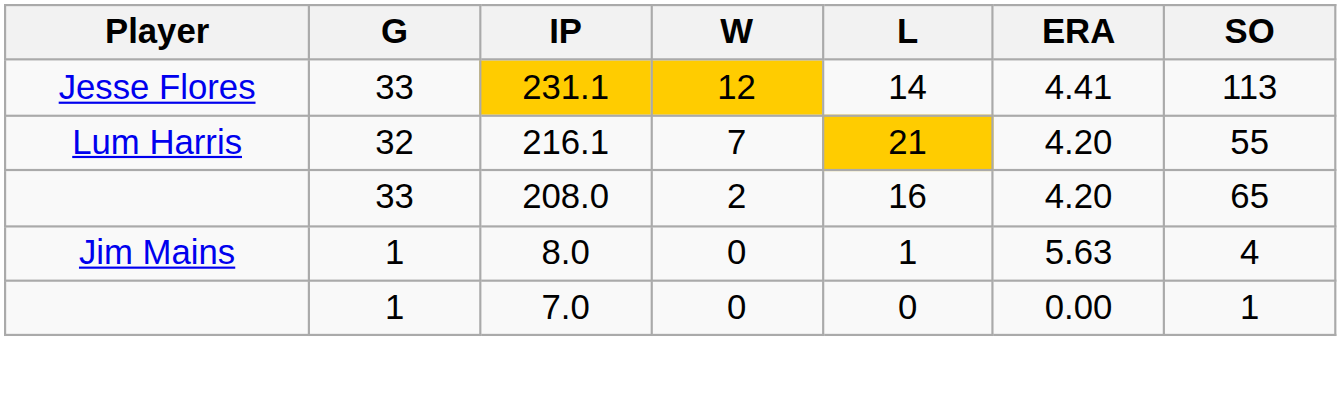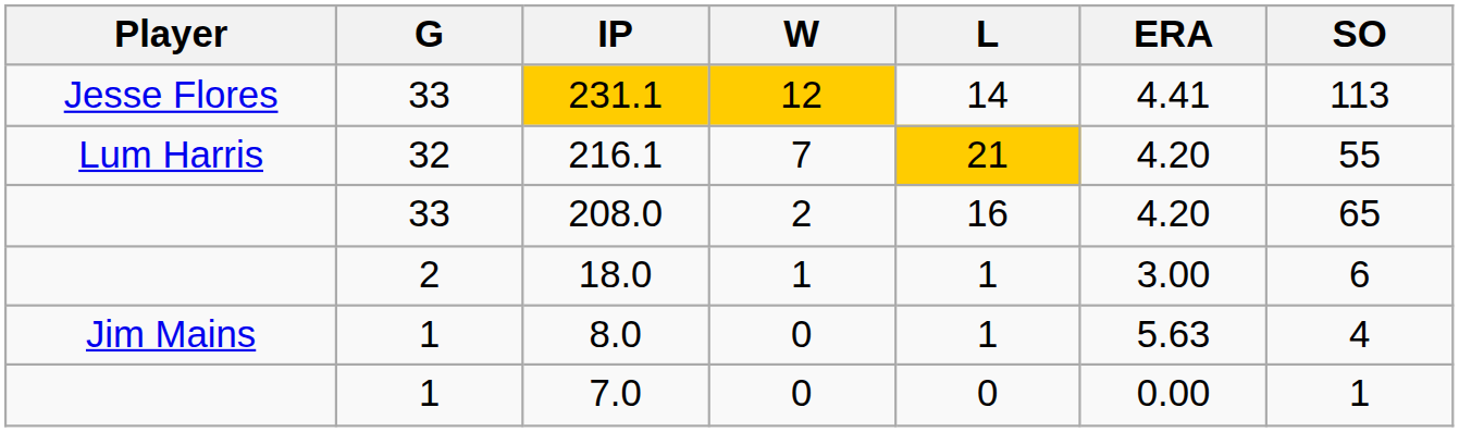 <table class="wikitable sortable">
 <tr>
 <th bgcolor="#DDDDFF" width="16%">Player</th>
 <th bgcolor="#DDDDFF" width="9%">G</th>
 <th bgcolor="#DDDDFF" width="9%">IP</th>
 <th bgcolor="#DDDDFF" width="9%">W</th>
 <th bgcolor="#DDDDFF" width="9%">L</th>
 <th bgcolor="#DDDDFF" width="9%">ERA</th>
 <th bgcolor="#DDDDFF" width="9%">SO</th>
 </tr>
 <tr align="center">
 <td><a href='#'>Jesse Flores</a></td>
 <td>33</td>
 <td style="background:#fc0;">231.1</td>
 <td style="background:#fc0;">12</td>
 <td>14</td>
 <td>4.41</td>
 <td>113</td>
 </tr>
 <tr align=center>
 <td><a href='#'>Lum Harris</a></td>
 <td>32</td>
 <td>216.1</td>
 <td>7</td>
 <td style="background:#fc0;">21</td>
 <td>4.20</td>
 <td>55</td>
 </tr>
 <tr align=center>
 <td></td>
 <td>33</td>
 <td>208.0</td>
 <td>2</td>
 <td>16</td>
 <td>4.20</td>
 <td>65</td>
 </tr>
 <tr align="center">
+<td></td>
+<td>2</td>
+<td>18.0</td>
+<td>1</td>
+<td>1</td>
+<td>3.00</td>
+<td>6</td>
+</tr>
+<tr align="center">
 <td><a href='#'>Jim Mains</a></td>
 <td>1</td>
 <td>8.0</td>
 <td>0</td>
 <td>1</td>
 <td>5.63</td>
 <td>4</td>
 </tr>
 <tr align=center>
 <td></td>
 <td>1</td>
 <td>7.0</td>
 <td>0</td>
 <td>0</td>
 <td>0.00</td>
 <td>1</td>
 </tr>
 </table>
